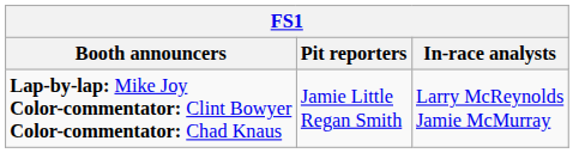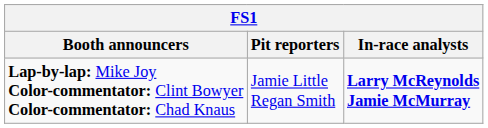 <table class="wikitable" style="font-size: 95%">
 <tr>
 <th colspan="3"><a href='#'>FS1</a></th>
 </tr>
 <tr>
 <th>Booth announcers</th>
 <th>Pit reporters</th>
 <th>In-race analysts</th>
 </tr>
 <tr>
 <td><strong>Lap-by-lap:</strong> <a href='#'>Mike Joy</a><br><strong>Color-commentator:</strong> <a href='#'>Clint Bowyer</a><br><strong>Color-commentator:</strong> <a href='#'>Chad Knaus</a></td>
 <td><a href='#'>Jamie Little</a><br><a href='#'>Regan Smith</a></td>
-<td><a href='#'>Larry McReynolds</a><br><a href='#'>Jamie McMurray</a></td>
+<td><strong><a href='#'>Larry McReynolds</a><br><a href='#'>Jamie McMurray</a></strong></td>
 </tr>
 </table>
